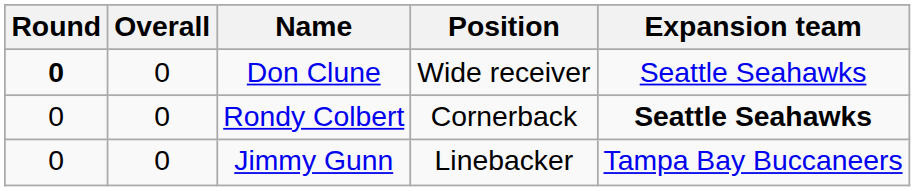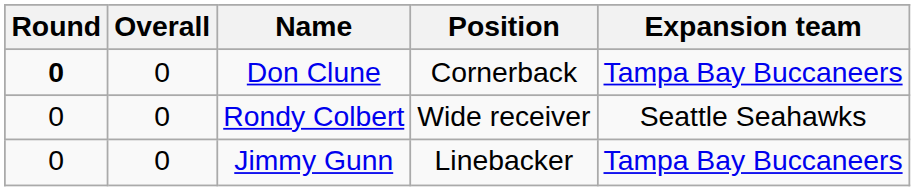 <table class="wikitable" style="text-align:center">
 <tr>
 <th>Round</th>
 <th>Overall</th>
 <th>Name</th>
 <th>Position</th>
 <th>Expansion team</th>
 </tr>
 <tr>
 <td><strong>0</strong></td>
 <td>0</td>
 <td><a href='#'>Don Clune</a></td>
-<td>Wide receiver</td>
-<td><a href='#'>Seattle Seahawks</a></td>
+<td>Cornerback</td>
+<td><a href='#'>Tampa Bay Buccaneers</a></td>
 </tr>
 <tr>
 <td>0</td>
 <td>0</td>
 <td><a href='#'>Rondy Colbert</a></td>
-<td>Cornerback</td>
-<td><strong>Seattle Seahawks</strong></td>
+<td>Wide receiver</td>
+<td>Seattle Seahawks</td>
 </tr>
 <tr>
 <td>0</td>
 <td>0</td>
 <td><a href='#'>Jimmy Gunn</a></td>
 <td>Linebacker</td>
 <td><a href='#'>Tampa Bay Buccaneers</a></td>
 </tr>
 </table>
